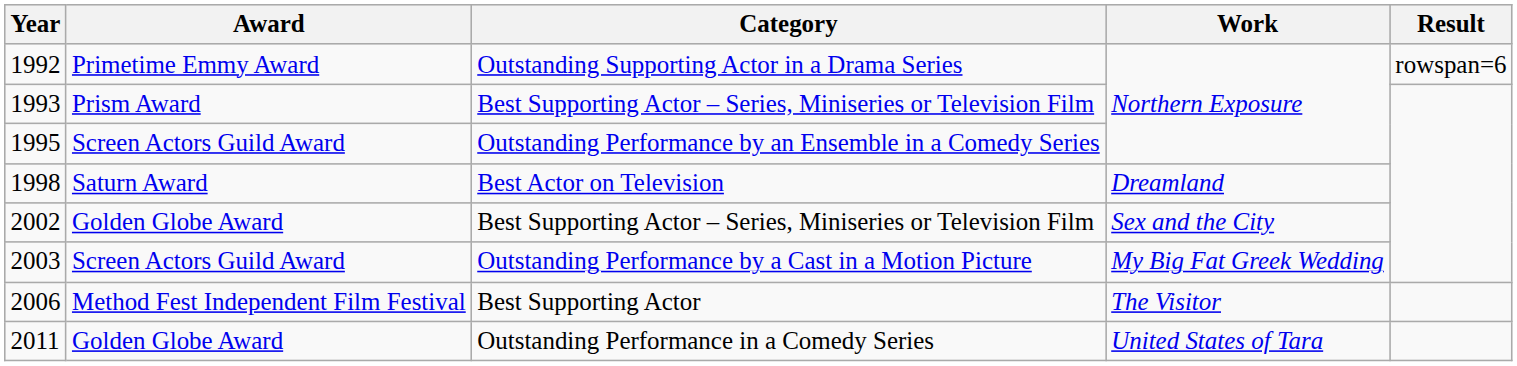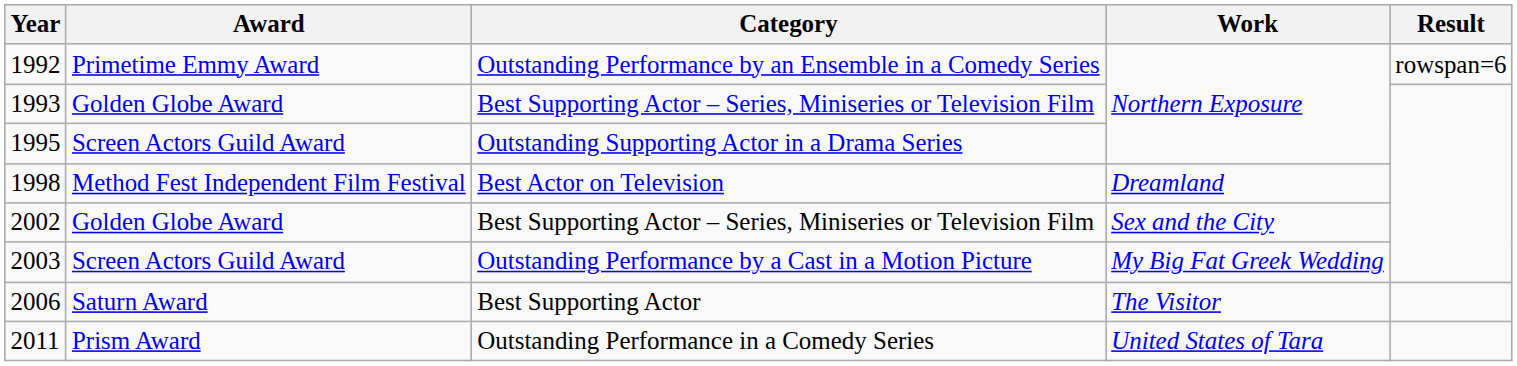 <table class="wikitable">
 <tr>
 <th>Year</th>
 <th>Award</th>
 <th>Category</th>
 <th>Work</th>
 <th>Result</th>
 </tr>
 <tr>
 <td>1992</td>
 <td><a href='#'>Primetime Emmy Award</a></td>
-<td><a href='#'>Outstanding Supporting Actor in a Drama Series</a></td>
+<td><a href='#'>Outstanding Performance by an Ensemble in a Comedy Series</a></td>
 <td rowspan="3"><em><a href='#'>Northern Exposure</a></em></td>
 <td>rowspan=6 </td>
 </tr>
 <tr>
 <td>1993</td>
-<td><a href='#'>Prism Award</a></td>
+<td><a href='#'>Golden Globe Award</a></td>
 <td><a href='#'>Best Supporting Actor – Series, Miniseries or Television Film</a></td>
 </tr>
 <tr>
 <td>1995</td>
 <td><a href='#'>Screen Actors Guild Award</a></td>
-<td><a href='#'>Outstanding Performance by an Ensemble in a Comedy Series</a></td>
+<td><a href='#'>Outstanding Supporting Actor in a Drama Series</a></td>
 </tr>
 <tr>
 <td>1998</td>
-<td><a href='#'>Saturn Award</a></td>
+<td><a href='#'>Method Fest Independent Film Festival</a></td>
 <td><a href='#'>Best Actor on Television</a></td>
 <td><em><a href='#'>Dreamland</a></em></td>
 </tr>
 <tr>
 <td>2002</td>
 <td><a href='#'>Golden Globe Award</a></td>
 <td>Best Supporting Actor – Series, Miniseries or Television Film</td>
 <td><em><a href='#'>Sex and the City</a></em></td>
 </tr>
 <tr>
 <td>2003</td>
 <td><a href='#'>Screen Actors Guild Award</a></td>
 <td><a href='#'>Outstanding Performance by a Cast in a Motion Picture</a></td>
 <td><em><a href='#'>My Big Fat Greek Wedding</a></em></td>
 </tr>
 <tr>
 <td>2006</td>
-<td><a href='#'>Method Fest Independent Film Festival</a></td>
+<td><a href='#'>Saturn Award</a></td>
 <td>Best Supporting Actor</td>
 <td><em><a href='#'>The Visitor</a></em></td>
 <td></td>
 </tr>
 <tr>
 <td>2011</td>
-<td><a href='#'>Golden Globe Award</a></td>
+<td><a href='#'>Prism Award</a></td>
 <td>Outstanding Performance in a Comedy Series</td>
 <td><em><a href='#'>United States of Tara</a></em></td>
 <td></td>
 </tr>
 </table>
